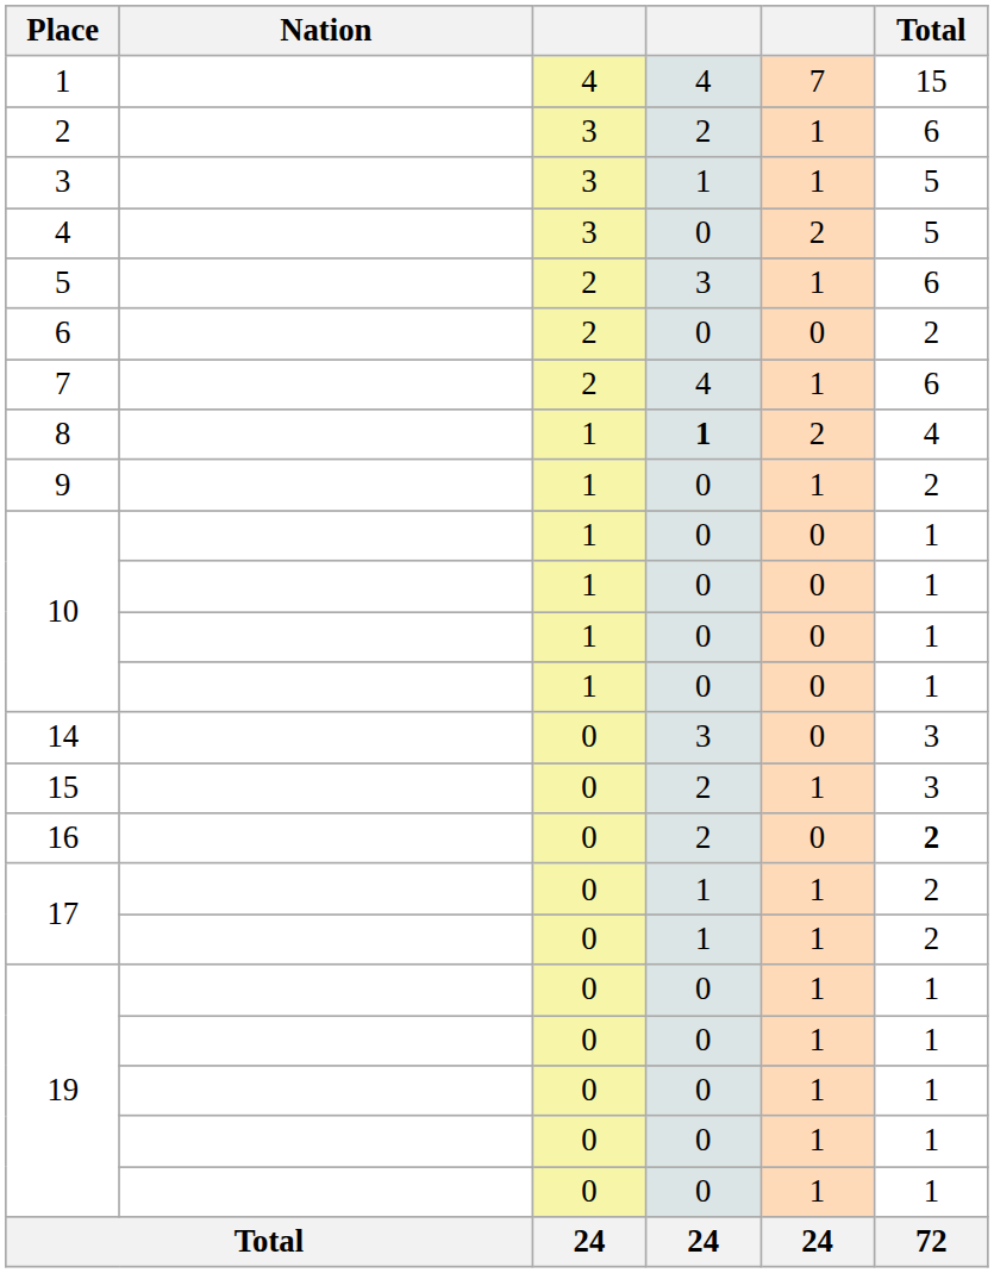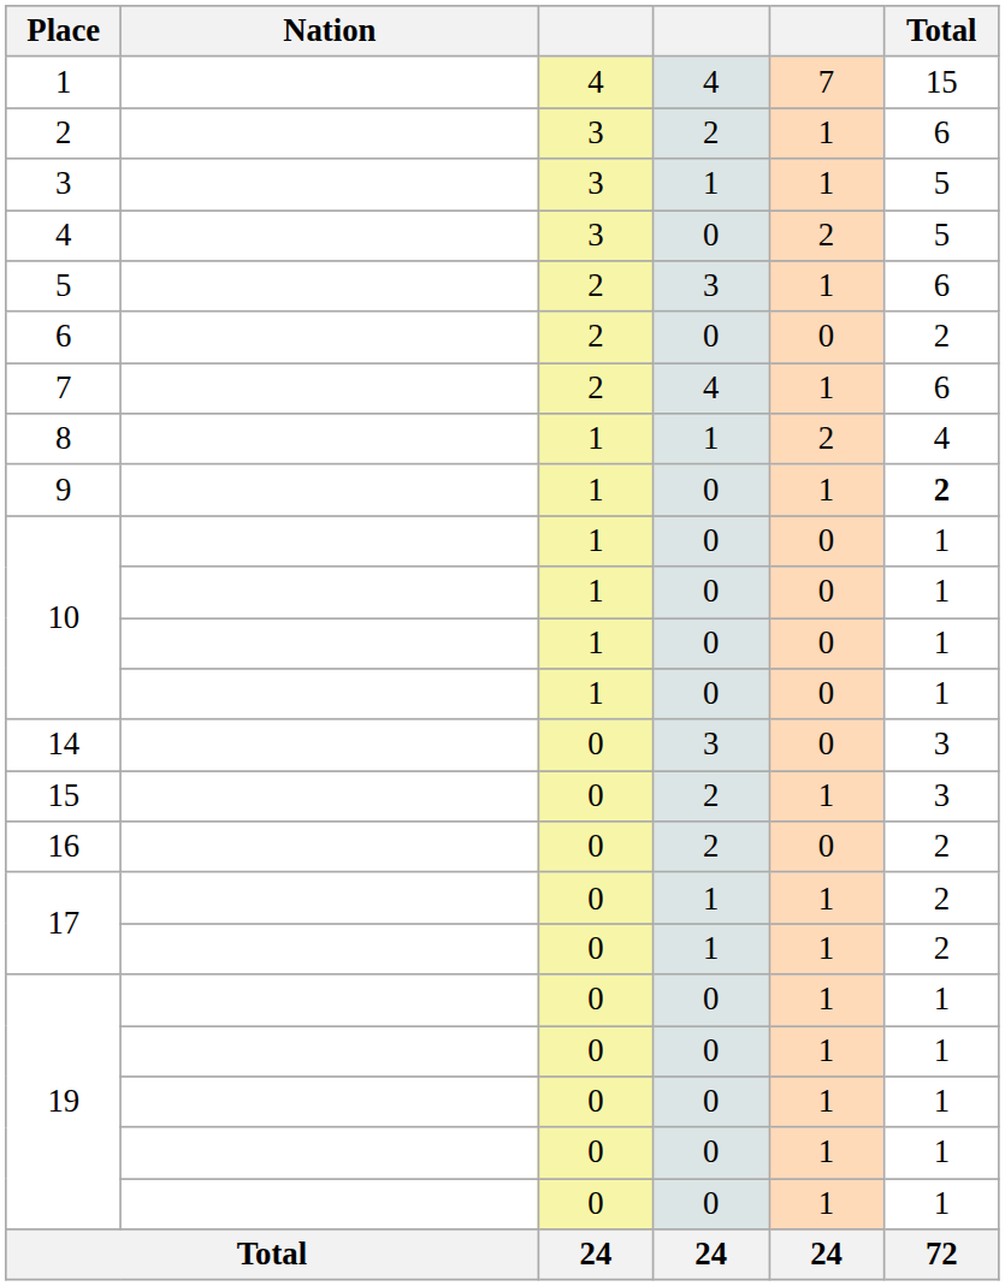 <table class="wikitable" style="border:1px solid #AAAAAA">
 <tr bgcolor="#EFEFEF">
 <th width=50>Place</th>
 <th width=200>Nation</th>
 <th width=50></th>
 <th width=50></th>
 <th width=50></th>
 <th width=50>Total</th>
 </tr>
 <tr align=center bgcolor="#FFFFFF">
 <td>1</td>
 <td align="left"></td>
 <td style="background:#F7F6A8;">4</td>
 <td style="background:#DCE5E5;">4</td>
 <td style="background:#FFDAB9;">7</td>
 <td>15</td>
 </tr>
 <tr align=center bgcolor="#FFFFFF">
 <td>2</td>
 <td align="left"></td>
 <td style="background:#F7F6A8;">3</td>
 <td style="background:#DCE5E5;">2</td>
 <td style="background:#FFDAB9;">1</td>
 <td>6</td>
 </tr>
 <tr align=center bgcolor="#FFFFFF">
 <td>3</td>
 <td align="left"></td>
 <td style="background:#F7F6A8;">3</td>
 <td style="background:#DCE5E5;">1</td>
 <td style="background:#FFDAB9;">1</td>
 <td>5</td>
 </tr>
 <tr align=center bgcolor="#FFFFFF">
 <td>4</td>
 <td align="left"></td>
 <td style="background:#F7F6A8;">3</td>
 <td style="background:#DCE5E5;">0</td>
 <td style="background:#FFDAB9;">2</td>
 <td>5</td>
 </tr>
 <tr align=center bgcolor="#FFFFFF">
 <td>5</td>
 <td align="left"></td>
 <td style="background:#F7F6A8;">2</td>
 <td style="background:#DCE5E5;">3</td>
 <td style="background:#FFDAB9;">1</td>
 <td>6</td>
 </tr>
 <tr align=center bgcolor="#FFFFFF">
 <td>6</td>
 <td align="left"></td>
 <td style="background:#F7F6A8;">2</td>
 <td style="background:#DCE5E5;">0</td>
 <td style="background:#FFDAB9;">0</td>
 <td>2</td>
 </tr>
 <tr align=center bgcolor="#FFFFFF">
 <td>7</td>
 <td align="left"></td>
 <td style="background:#F7F6A8;">2</td>
 <td style="background:#DCE5E5;">4</td>
 <td style="background:#FFDAB9;">1</td>
 <td>6</td>
 </tr>
 <tr align=center bgcolor="#FFFFFF">
 <td>8</td>
 <td align="left"></td>
 <td style="background:#F7F6A8;">1</td>
-<td style="background:#DCE5E5;"><strong>1</strong></td>
+<td style="background:#DCE5E5;">1</td>
 <td style="background:#FFDAB9;">2</td>
 <td>4</td>
 </tr>
 <tr align=center bgcolor="#FFFFFF">
 <td>9</td>
 <td align="left"></td>
 <td style="background:#F7F6A8;">1</td>
 <td style="background:#DCE5E5;">0</td>
 <td style="background:#FFDAB9;">1</td>
-<td>2</td>
+<td><strong>2</strong></td>
 </tr>
 <tr align=center bgcolor="#FFFFFF">
 <td rowspan=4>10</td>
 <td align="left"></td>
 <td style="background:#F7F6A8;">1</td>
 <td style="background:#DCE5E5;">0</td>
 <td style="background:#FFDAB9;">0</td>
 <td>1</td>
 </tr>
 <tr align=center bgcolor="#FFFFFF">
 <td align="left"></td>
 <td style="background:#F7F6A8;">1</td>
 <td style="background:#DCE5E5;">0</td>
 <td style="background:#FFDAB9;">0</td>
 <td>1</td>
 </tr>
 <tr align=center bgcolor="#FFFFFF">
 <td align="left"></td>
 <td style="background:#F7F6A8;">1</td>
 <td style="background:#DCE5E5;">0</td>
 <td style="background:#FFDAB9;">0</td>
 <td>1</td>
 </tr>
 <tr align=center bgcolor="#FFFFFF">
 <td align="left"></td>
 <td style="background:#F7F6A8;">1</td>
 <td style="background:#DCE5E5;">0</td>
 <td style="background:#FFDAB9;">0</td>
 <td>1</td>
 </tr>
 <tr align=center bgcolor="#FFFFFF">
 <td>14</td>
 <td align="left"></td>
 <td style="background:#F7F6A8;">0</td>
 <td style="background:#DCE5E5;">3</td>
 <td style="background:#FFDAB9;">0</td>
 <td>3</td>
 </tr>
 <tr align=center bgcolor="#FFFFFF">
 <td>15</td>
 <td align="left"></td>
 <td style="background:#F7F6A8;">0</td>
 <td style="background:#DCE5E5;">2</td>
 <td style="background:#FFDAB9;">1</td>
 <td>3</td>
 </tr>
 <tr align=center bgcolor="#FFFFFF">
 <td>16</td>
 <td align="left"></td>
 <td style="background:#F7F6A8;">0</td>
 <td style="background:#DCE5E5;">2</td>
 <td style="background:#FFDAB9;">0</td>
-<td><strong>2</strong></td>
+<td>2</td>
 </tr>
 <tr align=center bgcolor="#FFFFFF">
 <td rowspan=2>17</td>
 <td align="left"></td>
 <td style="background:#F7F6A8;">0</td>
 <td style="background:#DCE5E5;">1</td>
 <td style="background:#FFDAB9;">1</td>
 <td>2</td>
 </tr>
 <tr align=center bgcolor="#FFFFFF">
 <td align="left"></td>
 <td style="background:#F7F6A8;">0</td>
 <td style="background:#DCE5E5;">1</td>
 <td style="background:#FFDAB9;">1</td>
 <td>2</td>
 </tr>
 <tr align=center bgcolor="#FFFFFF">
 <td rowspan=5>19</td>
 <td align="left"></td>
 <td style="background:#F7F6A8;">0</td>
 <td style="background:#DCE5E5;">0</td>
 <td style="background:#FFDAB9;">1</td>
 <td>1</td>
 </tr>
 <tr align=center bgcolor="#FFFFFF">
 <td align="left"></td>
 <td style="background:#F7F6A8;">0</td>
 <td style="background:#DCE5E5;">0</td>
 <td style="background:#FFDAB9;">1</td>
 <td>1</td>
 </tr>
 <tr align=center bgcolor="#FFFFFF">
 <td align="left"></td>
 <td style="background:#F7F6A8;">0</td>
 <td style="background:#DCE5E5;">0</td>
 <td style="background:#FFDAB9;">1</td>
 <td>1</td>
 </tr>
 <tr align=center bgcolor="#FFFFFF">
 <td align="left"></td>
 <td style="background:#F7F6A8;">0</td>
 <td style="background:#DCE5E5;">0</td>
 <td style="background:#FFDAB9;">1</td>
 <td>1</td>
 </tr>
 <tr align=center bgcolor="#FFFFFF">
 <td align="left"></td>
 <td style="background:#F7F6A8;">0</td>
 <td style="background:#DCE5E5;">0</td>
 <td style="background:#FFDAB9;">1</td>
 <td>1</td>
 </tr>
 <tr bgcolor="#EFEFEF">
 <th colspan="2">Total</th>
 <th>24</th>
 <th>24</th>
 <th>24</th>
 <th>72</th>
 </tr>
 </table>
